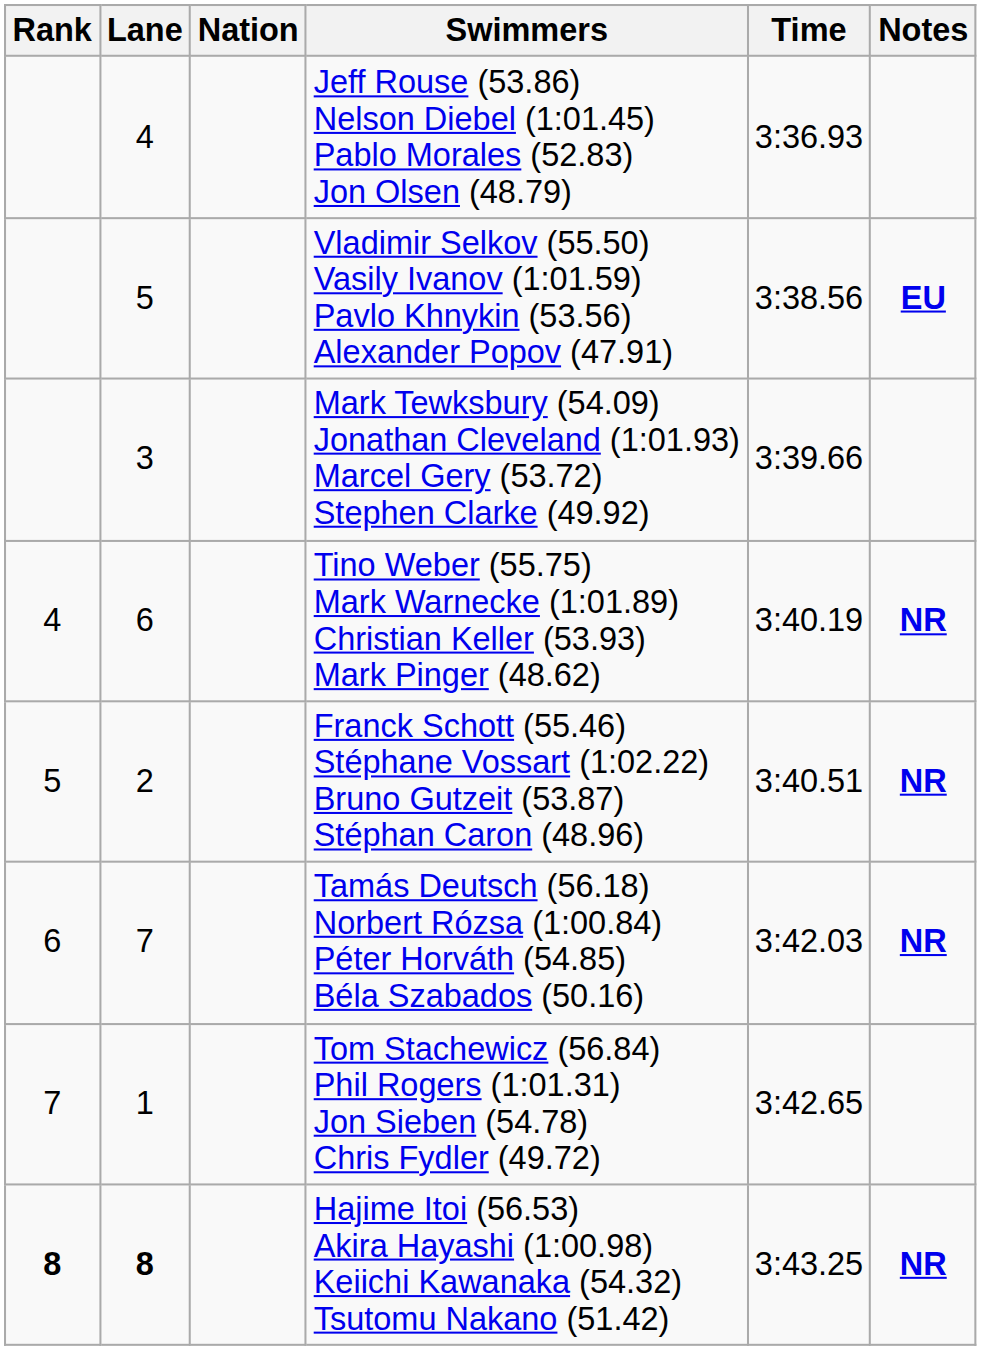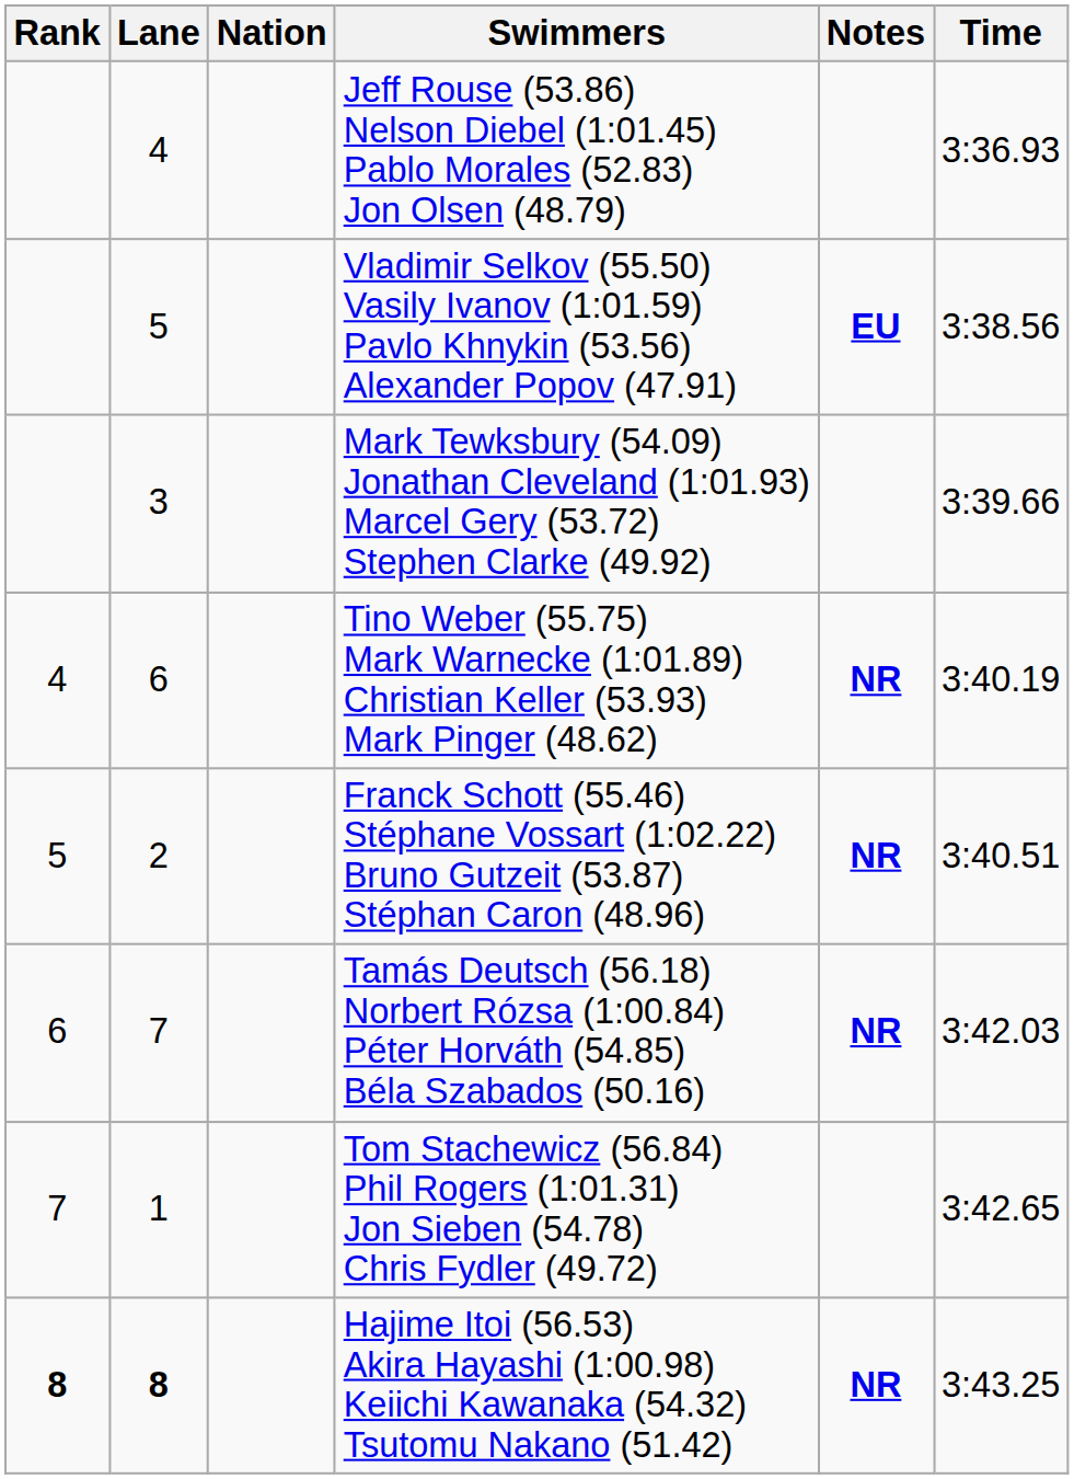 <table class="wikitable sortable" style="text-align:center">
 <tr>
 <th>Rank</th>
 <th>Lane</th>
 <th>Nation</th>
 <th>Swimmers</th>
+<th>Notes</th>
 <th>Time</th>
-<th>Notes</th>
 </tr>
 <tr>
 <td></td>
 <td>4</td>
 <td align=left></td>
 <td align=left><a href='#'>Jeff Rouse</a> (53.86) <br><a href='#'>Nelson Diebel</a> (1:01.45)<br><a href='#'>Pablo Morales</a> (52.83)<br><a href='#'>Jon Olsen</a> (48.79)</td>
+<td></td>
 <td>3:36.93</td>
-<td></td>
 </tr>
 <tr>
 <td></td>
 <td>5</td>
 <td align=left></td>
 <td align=left><a href='#'>Vladimir Selkov</a> (55.50)<br><a href='#'>Vasily Ivanov</a> (1:01.59)<br><a href='#'>Pavlo Khnykin</a> (53.56)<br><a href='#'>Alexander Popov</a> (47.91)</td>
+<td><strong><a href='#'>EU</a></strong></td>
 <td>3:38.56</td>
-<td><strong><a href='#'>EU</a></strong></td>
 </tr>
 <tr>
 <td></td>
 <td>3</td>
 <td align=left></td>
 <td align=left><a href='#'>Mark Tewksbury</a> (54.09)<br><a href='#'>Jonathan Cleveland</a> (1:01.93)<br><a href='#'>Marcel Gery</a> (53.72)<br><a href='#'>Stephen Clarke</a> (49.92)</td>
+<td></td>
 <td>3:39.66</td>
-<td></td>
 </tr>
 <tr>
 <td>4</td>
 <td>6</td>
 <td align=left></td>
 <td align=left><a href='#'>Tino Weber</a> (55.75)<br><a href='#'>Mark Warnecke</a> (1:01.89)<br><a href='#'>Christian Keller</a> (53.93)<br><a href='#'>Mark Pinger</a> (48.62)</td>
+<td><strong><a href='#'>NR</a></strong></td>
 <td>3:40.19</td>
-<td><strong><a href='#'>NR</a></strong></td>
 </tr>
 <tr>
 <td>5</td>
 <td>2</td>
 <td align=left></td>
 <td align=left><a href='#'>Franck Schott</a> (55.46)<br><a href='#'>Stéphane Vossart</a> (1:02.22)<br><a href='#'>Bruno Gutzeit</a> (53.87)<br><a href='#'>Stéphan Caron</a> (48.96)</td>
+<td><strong><a href='#'>NR</a></strong></td>
 <td>3:40.51</td>
-<td><strong><a href='#'>NR</a></strong></td>
 </tr>
 <tr>
 <td>6</td>
 <td>7</td>
 <td align=left></td>
 <td align=left><a href='#'>Tamás Deutsch</a> (56.18)<br><a href='#'>Norbert Rózsa</a> (1:00.84)<br><a href='#'>Péter Horváth</a> (54.85)<br><a href='#'>Béla Szabados</a> (50.16)</td>
+<td><strong><a href='#'>NR</a></strong></td>
 <td>3:42.03</td>
-<td><strong><a href='#'>NR</a></strong></td>
 </tr>
 <tr>
 <td>7</td>
 <td>1</td>
 <td align=left></td>
 <td align=left><a href='#'>Tom Stachewicz</a> (56.84)<br><a href='#'>Phil Rogers</a> (1:01.31)<br><a href='#'>Jon Sieben</a> (54.78)<br><a href='#'>Chris Fydler</a> (49.72)</td>
+<td></td>
 <td>3:42.65</td>
-<td></td>
 </tr>
 <tr>
 <td><strong>8</strong></td>
 <td><strong>8</strong></td>
 <td align=left></td>
 <td align=left><a href='#'>Hajime Itoi</a> (56.53)<br><a href='#'>Akira Hayashi</a> (1:00.98)<br><a href='#'>Keiichi Kawanaka</a> (54.32)<br><a href='#'>Tsutomu Nakano</a> (51.42)</td>
+<td><strong><a href='#'>NR</a></strong></td>
 <td>3:43.25</td>
-<td><strong><a href='#'>NR</a></strong></td>
 </tr>
 </table>
